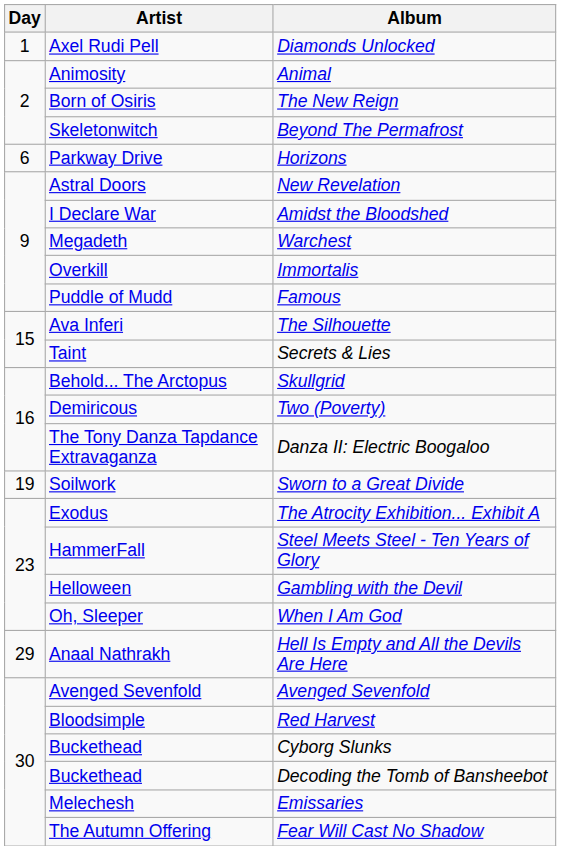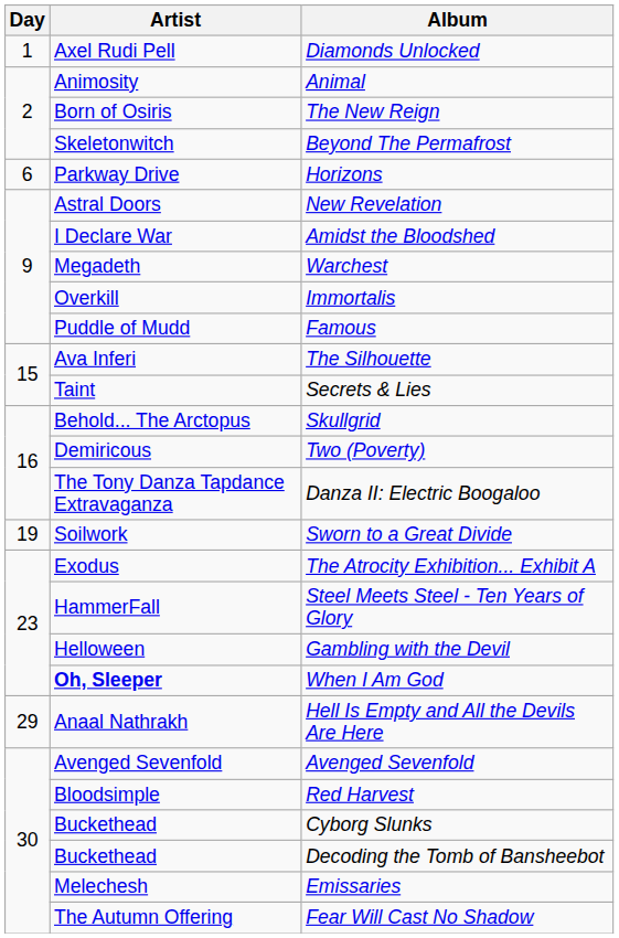 <table class="wikitable" border="1">
 <tr>
 <th>Day</th>
 <th width="200">Artist</th>
 <th width="250">Album</th>
 </tr>
 <tr>
 <td align="center">1</td>
 <td><a href='#'>Axel Rudi Pell</a></td>
 <td><em><a href='#'>Diamonds Unlocked</a></em></td>
 </tr>
 <tr>
 <td rowspan="3" align="center">2</td>
 <td><a href='#'>Animosity</a></td>
 <td><em><a href='#'>Animal</a></em></td>
 </tr>
 <tr>
 <td><a href='#'>Born of Osiris</a></td>
 <td><em><a href='#'>The New Reign</a></em></td>
 </tr>
 <tr>
 <td><a href='#'>Skeletonwitch</a></td>
 <td><em><a href='#'>Beyond The Permafrost</a></em></td>
 </tr>
 <tr>
 <td align="center">6</td>
 <td><a href='#'>Parkway Drive</a></td>
 <td><em><a href='#'>Horizons</a></em></td>
 </tr>
 <tr>
 <td rowspan="5" align="center">9</td>
 <td><a href='#'>Astral Doors</a></td>
 <td><em><a href='#'>New Revelation</a></em></td>
 </tr>
 <tr>
 <td><a href='#'>I Declare War</a></td>
 <td><em><a href='#'>Amidst the Bloodshed</a></em></td>
 </tr>
 <tr>
 <td><a href='#'>Megadeth</a></td>
 <td><em><a href='#'>Warchest</a></em></td>
 </tr>
 <tr>
 <td><a href='#'>Overkill</a></td>
 <td><em><a href='#'>Immortalis</a></em></td>
 </tr>
 <tr>
 <td><a href='#'>Puddle of Mudd</a></td>
 <td><em><a href='#'>Famous</a></em></td>
 </tr>
 <tr>
 <td rowspan="2" align="center">15</td>
 <td><a href='#'>Ava Inferi</a></td>
 <td><em><a href='#'>The Silhouette</a></em></td>
 </tr>
 <tr>
 <td><a href='#'>Taint</a></td>
 <td><em>Secrets & Lies</em></td>
 </tr>
 <tr>
 <td rowspan="3" align="center">16</td>
 <td><a href='#'>Behold... The Arctopus</a></td>
 <td><em><a href='#'>Skullgrid</a></em></td>
 </tr>
 <tr>
 <td><a href='#'>Demiricous</a></td>
 <td><em><a href='#'>Two (Poverty)</a></em></td>
 </tr>
 <tr>
 <td><a href='#'>The Tony Danza Tapdance Extravaganza</a></td>
 <td><em>Danza II: Electric Boogaloo</em></td>
 </tr>
 <tr>
 <td align="center">19</td>
 <td><a href='#'>Soilwork</a></td>
 <td><em><a href='#'>Sworn to a Great Divide</a></em></td>
 </tr>
 <tr>
 <td rowspan="4" align="center">23</td>
 <td><a href='#'>Exodus</a></td>
 <td><em><a href='#'>The Atrocity Exhibition... Exhibit A</a></em></td>
 </tr>
 <tr>
 <td><a href='#'>HammerFall</a></td>
 <td><em><a href='#'>Steel Meets Steel - Ten Years of Glory</a></em></td>
 </tr>
 <tr>
 <td><a href='#'>Helloween</a></td>
 <td><em><a href='#'>Gambling with the Devil</a></em></td>
 </tr>
 <tr>
-<td><a href='#'>Oh, Sleeper</a></td>
+<td><strong><a href='#'>Oh, Sleeper</a></strong></td>
 <td><em><a href='#'>When I Am God</a></em></td>
 </tr>
 <tr>
 <td align="center">29</td>
 <td><a href='#'>Anaal Nathrakh</a></td>
 <td><em><a href='#'>Hell Is Empty and All the Devils Are Here</a></em></td>
 </tr>
 <tr>
 <td rowspan="6" align="center">30</td>
 <td><a href='#'>Avenged Sevenfold</a></td>
 <td><em><a href='#'>Avenged Sevenfold</a></em></td>
 </tr>
 <tr>
 <td><a href='#'>Bloodsimple</a></td>
 <td><em><a href='#'>Red Harvest</a></em></td>
 </tr>
 <tr>
 <td><a href='#'>Buckethead</a></td>
 <td><em>Cyborg Slunks</em></td>
 </tr>
 <tr>
 <td><a href='#'>Buckethead</a></td>
 <td><em>Decoding the Tomb of Bansheebot</em></td>
 </tr>
 <tr>
 <td><a href='#'>Melechesh</a></td>
 <td><em><a href='#'>Emissaries</a></em></td>
 </tr>
 <tr>
 <td><a href='#'>The Autumn Offering</a></td>
 <td><em><a href='#'>Fear Will Cast No Shadow</a></em></td>
 </tr>
 </table>
